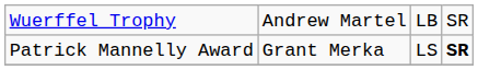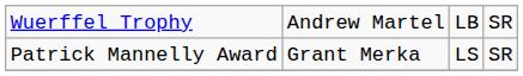 <table class="wikitable">
 <tr>
 <td><a href='#'>Wuerffel Trophy</a></td>
 <td>Andrew Martel</td>
 <td align=center>LB</td>
 <td align=center>SR</td>
 </tr>
 <tr>
 <td>Patrick Mannelly Award</td>
 <td>Grant Merka</td>
 <td align=center>LS</td>
-<td align=center><strong>SR</strong></td>
+<td align=center>SR</td>
 </tr>
 <tr>
 </tr>
 </table>
